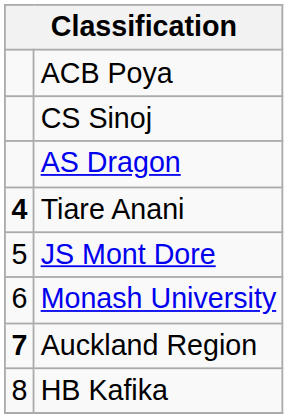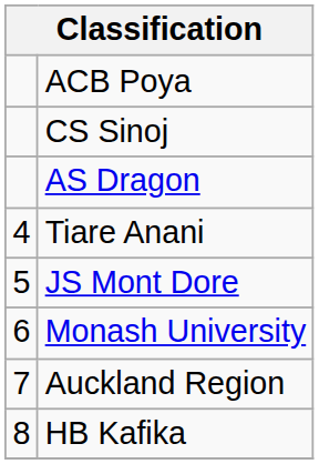 <table class="wikitable" font-size: 90%;>
 <tr>
 <th colspan=2>Classification</th>
 </tr>
 <tr valign="top">
 <td></td>
 <td> ACB Poya</td>
 </tr>
 <tr>
 <td></td>
 <td> CS Sinoj</td>
 </tr>
 <tr>
 <td></td>
 <td> <a href='#'>AS Dragon</a></td>
 </tr>
 <tr>
-<td><strong>4</strong></td>
+<td>4</td>
 <td> Tiare Anani</td>
 </tr>
 <tr>
 <td>5</td>
 <td> <a href='#'>JS Mont Dore</a></td>
 </tr>
 <tr>
 <td>6</td>
 <td> <a href='#'>Monash University</a></td>
 </tr>
 <tr>
-<td><strong>7</strong></td>
+<td>7</td>
 <td> Auckland Region</td>
 </tr>
 <tr>
 <td>8</td>
 <td> HB Kafika</td>
 </tr>
 <tr>
 </tr>
 </table>
